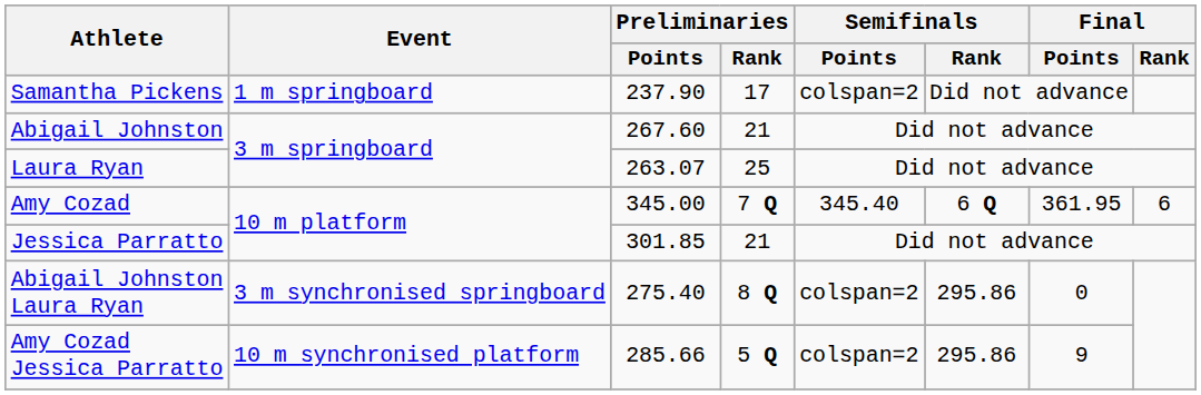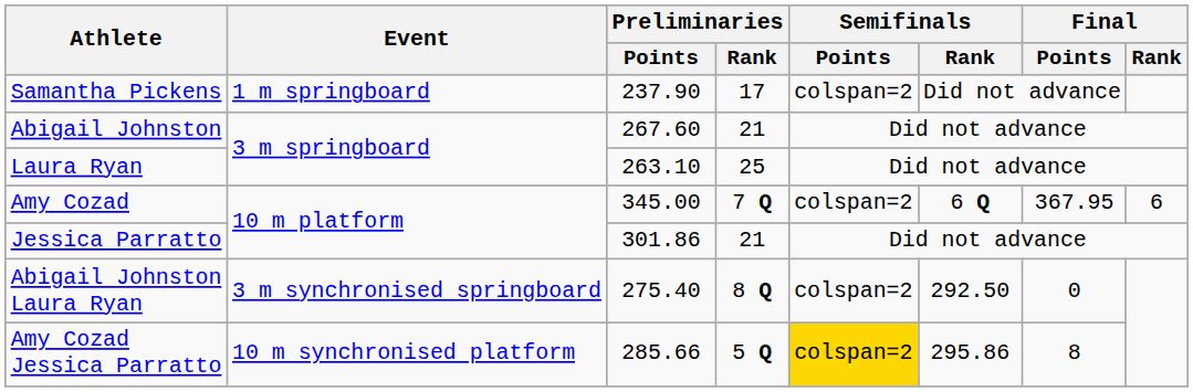 <table class=wikitable style="font-size:90%;">
 <tr>
 <th rowspan="2">Athlete</th>
 <th rowspan="2">Event</th>
 <th colspan="2">Preliminaries</th>
 <th colspan="2">Semifinals</th>
 <th colspan="2">Final</th>
 </tr>
 <tr style="font-size:95%">
 <th>Points</th>
 <th>Rank</th>
 <th>Points</th>
 <th>Rank</th>
 <th>Points</th>
 <th>Rank</th>
 </tr>
 <tr align=center>
 <td align=left><a href='#'>Samantha Pickens</a></td>
 <td align=left><a href='#'>1 m springboard</a></td>
 <td>237.90</td>
 <td>17</td>
 <td>colspan=2 </td>
 <td colspan=2>Did not advance</td>
 </tr>
 <tr align=center>
 <td align=left><a href='#'>Abigail Johnston</a></td>
 <td align=left rowspan=2><a href='#'>3 m springboard</a></td>
 <td>267.60</td>
 <td>21</td>
 <td colspan=4>Did not advance</td>
 </tr>
 <tr align=center>
 <td align=left><a href='#'>Laura Ryan</a></td>
-<td>263.07</td>
+<td>263.10</td>
 <td>25</td>
 <td colspan=4>Did not advance</td>
 </tr>
 <tr align=center>
 <td align=left><a href='#'>Amy Cozad</a></td>
 <td align=left rowspan=2><a href='#'>10 m platform</a></td>
 <td>345.00</td>
 <td>7 <strong>Q</strong></td>
-<td>345.40</td>
+<td>colspan=2 </td>
 <td>6 <strong>Q</strong></td>
-<td>361.95</td>
+<td>367.95</td>
 <td>6</td>
 </tr>
 <tr align=center>
 <td align=left><a href='#'>Jessica Parratto</a></td>
-<td>301.85</td>
+<td>301.86</td>
 <td>21</td>
 <td colspan=4>Did not advance</td>
 </tr>
 <tr align=center>
 <td align=left><a href='#'>Abigail Johnston</a><br><a href='#'>Laura Ryan</a></td>
 <td align=left><a href='#'>3 m synchronised springboard</a></td>
 <td>275.40</td>
 <td>8 <strong>Q</strong></td>
 <td>colspan=2 </td>
-<td>295.86</td>
+<td>292.50</td>
 <td>0</td>
 </tr>
 <tr align=center>
 <td align=left><a href='#'>Amy Cozad</a><br><a href='#'>Jessica Parratto</a></td>
 <td align=left><a href='#'>10 m synchronised platform</a></td>
 <td>285.66</td>
 <td>5 <strong>Q</strong></td>
-<td>colspan=2 </td>
+<td style="background: gold;">colspan=2 </td>
 <td>295.86</td>
-<td>9</td>
+<td>8</td>
 </tr>
 </table>
